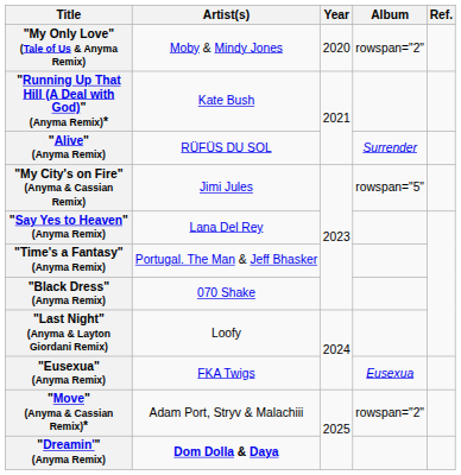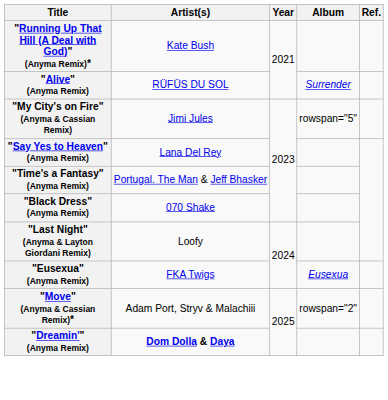 <table class="wikitable plainrowheaders" style="text-align:center;">
 <tr>
 <th scope="col" style="width:160px;">Title</th>
 <th>Artist(s)</th>
 <th>Year</th>
 <th>Album</th>
 <th>Ref.</th>
-</tr>
-<tr>
-<th scope="row">"My Only Love"<br><small>(<a href='#'>Tale of Us</a> & Anyma Remix)</small></th>
-<td><a href='#'>Moby</a> & <a href='#'>Mindy Jones</a></td>
-<td>2020</td>
-<td>rowspan="2" </td>
-<td></td>
 </tr>
 <tr>
 <th scope="row">"<a href='#'>Running Up That Hill (A Deal with God)</a>"<br><small>(Anyma Remix)</small>*</th>
 <td><a href='#'>Kate Bush</a></td>
 <td rowspan="2">2021</td>
 <td></td>
 </tr>
 <tr>
 <th scope="row">"<a href='#'>Alive</a>"<br><small>(Anyma Remix)</small></th>
 <td><a href='#'>RÜFÜS DU SOL</a></td>
 <td><em><a href='#'>Surrender</a></em></td>
 <td></td>
 </tr>
 <tr>
 <th scope="row">"My City's on Fire"<br><small>(Anyma & Cassian Remix)</small></th>
 <td><a href='#'>Jimi Jules</a></td>
 <td rowspan="4">2023</td>
 <td>rowspan="5" </td>
 <td></td>
 </tr>
 <tr>
 <th scope="row">"<a href='#'>Say Yes to Heaven</a>"<br><small>(Anyma Remix)</small></th>
 <td><a href='#'>Lana Del Rey</a></td>
 <td></td>
 </tr>
 <tr>
 <th scope="row">"Time's a Fantasy"<br><small>(Anyma Remix)</small></th>
 <td><a href='#'>Portugal. The Man</a> & <a href='#'>Jeff Bhasker</a></td>
 <td></td>
 </tr>
 <tr>
 <th scope="row">"Black Dress"<br><small>(Anyma Remix)</small></th>
 <td><a href='#'>070 Shake</a></td>
 <td></td>
 </tr>
 <tr>
 <th scope="row">"Last Night"<br><small>(Anyma & Layton Giordani Remix)</small></th>
 <td>Loofy</td>
 <td rowspan="2">2024</td>
 <td></td>
 </tr>
 <tr>
 <th scope="row">"Eusexua"<br><small>(Anyma Remix)</small></th>
 <td><a href='#'>FKA Twigs</a></td>
 <td><em><a href='#'>Eusexua</a></em></td>
 <td></td>
 </tr>
 <tr>
 <th scope="row">"<a href='#'>Move</a>"<br><small>(Anyma & Cassian Remix)</small>*</th>
 <td>Adam Port, Stryv & Malachiii</td>
 <td rowspan="2">2025</td>
 <td>rowspan="2" </td>
 <td></td>
 </tr>
 <tr>
 <th scope="row">"<a href='#'>Dreamin'</a>"<br><small>(Anyma Remix)</small></th>
 <td><strong><a href='#'>Dom Dolla</a> & <a href='#'>Daya</a></strong></td>
 <td></td>
 </tr>
 </table>
